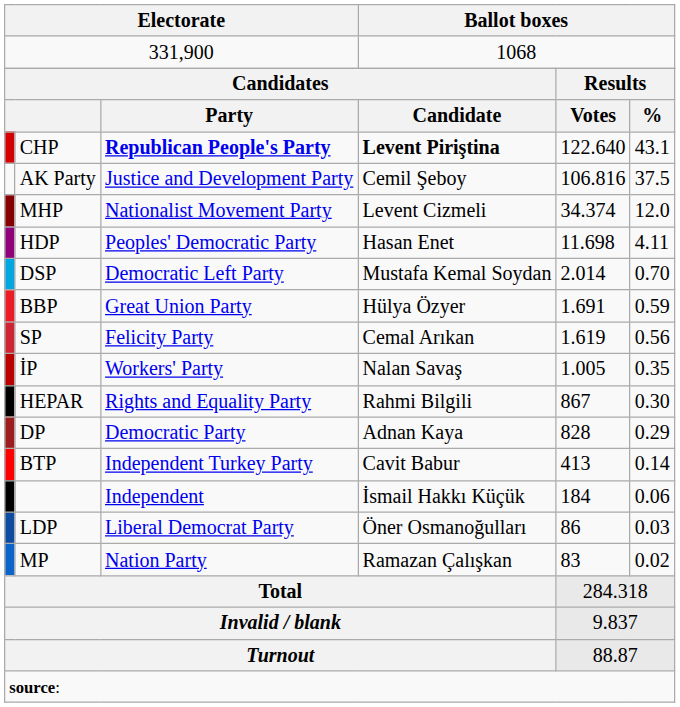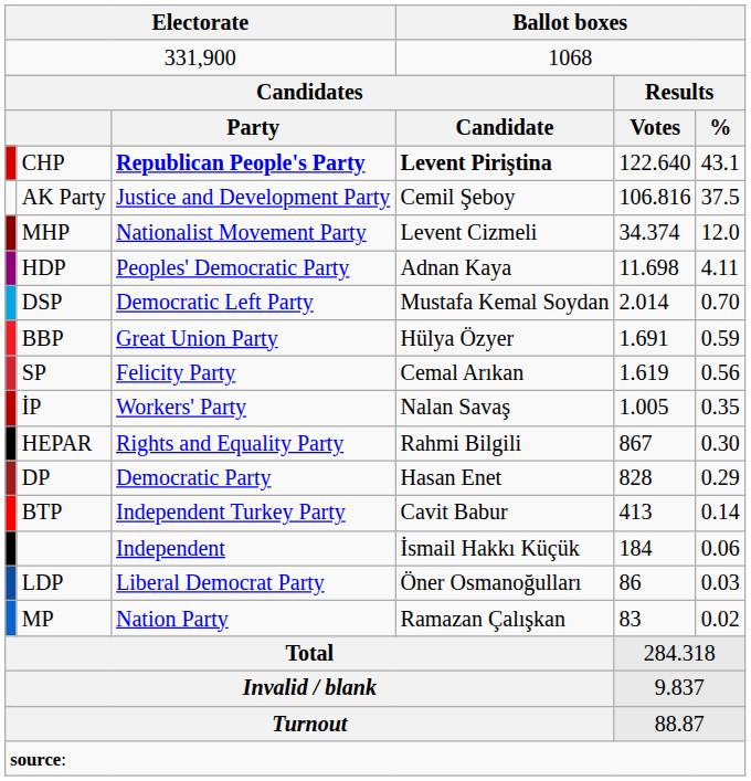 <table class="wikitable">
 <tr style="background-color:#F2F2F2">
 <td align="center" colspan="3"><strong>Electorate</strong></td>
 <td align="center" colspan="7"><strong>Ballot boxes</strong></td>
 </tr>
 <tr align="left">
 <td align="center" colspan="3">331,900</td>
 <td align="center" colspan="7">1068</td>
 </tr>
 <tr>
 </tr>
 <tr style="background-color:#E9E9E9">
 </tr>
 <tr>
 <th align="center" colspan="4">Candidates</th>
 <th align="center" colspan="6">Results</th>
 </tr>
 <tr style="background-color:#E9E9E9">
 <th align="center" colspan="2"></th>
 <th align="center">Party</th>
 <th align="center">Candidate</th>
 <th align="center">Votes</th>
 <th align="center">%</th>
 </tr>
 <tr align="left">
 <td bgcolor="#d50000" width=1></td>
 <td>CHP</td>
 <td><strong><a href='#'>Republican People's Party</a></strong></td>
 <td><strong>Levent Piriştina</strong></td>
 <td>122.640</td>
 <td>43.1</td>
 </tr>
 <tr align="left">
 <td></td>
 <td>AK Party</td>
 <td><a href='#'>Justice and Development Party</a></td>
 <td>Cemil Şeboy</td>
 <td>106.816</td>
 <td>37.5</td>
 </tr>
 <tr align="left">
 <td bgcolor="#870000" width=1></td>
 <td>MHP</td>
 <td><a href='#'>Nationalist Movement Party</a></td>
 <td>Levent Cizmeli</td>
 <td>34.374</td>
 <td>12.0</td>
 </tr>
 <tr align="left">
 <td bgcolor="#91007B" width=1></td>
 <td>HDP</td>
 <td><a href='#'>Peoples' Democratic Party</a></td>
-<td>Hasan Enet</td>
+<td>Adnan Kaya</td>
 <td>11.698</td>
 <td>4.11</td>
 </tr>
 <tr align="left">
 <td bgcolor="#01A7E1" width=1></td>
 <td>DSP</td>
 <td><a href='#'>Democratic Left Party</a></td>
 <td>Mustafa Kemal Soydan</td>
 <td>2.014</td>
 <td>0.70</td>
 </tr>
 <tr align="left">
 <td bgcolor="#ED1C24" width=1></td>
 <td>BBP</td>
 <td><a href='#'>Great Union Party</a></td>
 <td>Hülya Özyer</td>
 <td>1.691</td>
 <td>0.59</td>
 </tr>
 <tr align="left">
 <td bgcolor="#D02433" width=1></td>
 <td>SP</td>
 <td><a href='#'>Felicity Party</a></td>
 <td>Cemal Arıkan</td>
 <td>1.619</td>
 <td>0.56</td>
 </tr>
 <tr align="left">
 <td bgcolor="#BB0000" width=1></td>
 <td>İP</td>
 <td><a href='#'>Workers' Party</a></td>
 <td>Nalan Savaş</td>
 <td>1.005</td>
 <td>0.35</td>
 </tr>
 <tr align="left">
 <td bgcolor="#000000" width=1></td>
 <td>HEPAR</td>
 <td><a href='#'>Rights and Equality Party</a></td>
 <td>Rahmi Bilgili</td>
 <td>867</td>
 <td>0.30</td>
 </tr>
 <tr align="left">
 <td bgcolor="#9D1D1E" width=1></td>
 <td>DP</td>
 <td><a href='#'>Democratic Party</a></td>
-<td>Adnan Kaya</td>
+<td>Hasan Enet</td>
 <td>828</td>
 <td>0.29</td>
 </tr>
 <tr align="left">
 <td bgcolor="#FE0000" width=1></td>
 <td>BTP</td>
 <td><a href='#'>Independent Turkey Party</a></td>
 <td>Cavit Babur</td>
 <td>413</td>
 <td>0.14</td>
 </tr>
 <tr align="left">
 <td bgcolor=" " width=1></td>
 <td></td>
 <td><a href='#'>Independent</a></td>
 <td>İsmail Hakkı Küçük</td>
 <td>184</td>
 <td>0.06</td>
 </tr>
 <tr align="left">
 <td bgcolor="#0C4DA2" width=1></td>
 <td>LDP</td>
 <td><a href='#'>Liberal Democrat Party</a></td>
 <td>Öner Osmanoğulları</td>
 <td>86</td>
 <td>0.03</td>
 </tr>
 <tr align="left">
 <td bgcolor="#0C63CA" width=1></td>
 <td>MP</td>
 <td><a href='#'>Nation Party</a></td>
 <td>Ramazan Çalışkan</td>
 <td>83</td>
 <td>0.02</td>
 </tr>
 <tr style="background-color:#E9E9E9" align="left">
 <th align="center" colspan="4"><strong>Total</strong></th>
 <td align="center" colspan="5">284.318</td>
 </tr>
 <tr style="background-color:#E9E9E9" align="left">
 <th align="center" colspan="4"><em>Invalid / blank</em></th>
 <td align="center" colspan="5">9.837</td>
 </tr>
 <tr style="background-color:#E9E9E9" align="left">
 <th align="center" colspan="4"><em>Turnout</em></th>
 <td align="center" colspan="5">88.87</td>
 </tr>
 <tr>
 <td align="left" colspan=10><small><strong>source</strong>: </small></td>
 </tr>
 </table>
